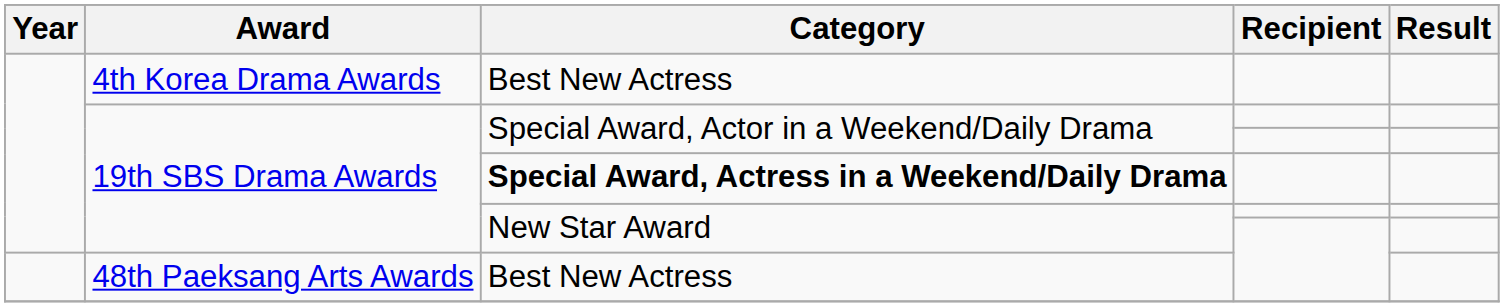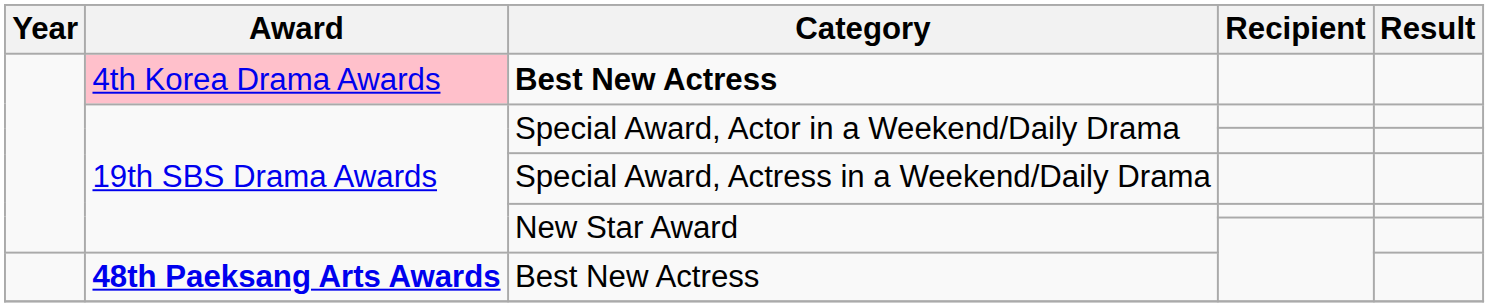 <table class="wikitable">
 <tr>
 <th>Year</th>
 <th>Award</th>
 <th>Category</th>
 <th>Recipient</th>
 <th>Result</th>
 </tr>
 <tr>
 <td rowspan="6"></td>
-<td><a href='#'>4th Korea Drama Awards</a></td>
-<td>Best New Actress</td>
+<td style="background: pink;"><a href='#'>4th Korea Drama Awards</a></td>
+<td><strong>Best New Actress</strong></td>
 <td></td>
 <td></td>
 </tr>
 <tr>
 <td rowspan="5"><a href='#'>19th SBS Drama Awards</a></td>
 <td rowspan="2">Special Award, Actor in a Weekend/Daily Drama</td>
 <td></td>
 <td></td>
 </tr>
 <tr>
 <td></td>
 <td></td>
 </tr>
 <tr>
-<td><strong>Special Award, Actress in a Weekend/Daily Drama</strong></td>
+<td>Special Award, Actress in a Weekend/Daily Drama</td>
 <td></td>
 <td></td>
 </tr>
 <tr>
 <td rowspan="2">New Star Award</td>
 <td></td>
 <td></td>
 </tr>
 <tr>
 <td rowspan="2"></td>
 <td></td>
 </tr>
 <tr>
 <td></td>
-<td><a href='#'>48th Paeksang Arts Awards</a></td>
+<td><strong><a href='#'>48th Paeksang Arts Awards</a></strong></td>
 <td>Best New Actress</td>
 <td></td>
 </tr>
 <tr>
 </tr>
 </table>
